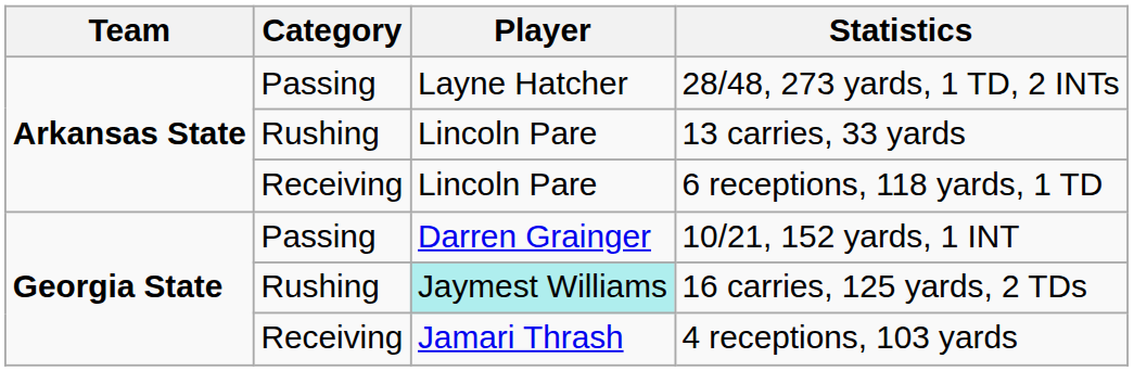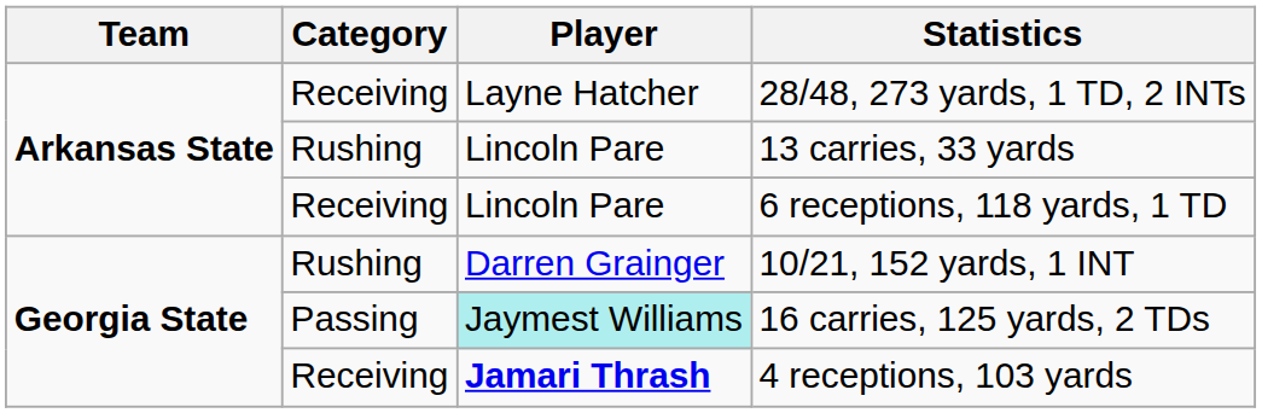 <table class="wikitable" style="float: left;">
 <tr>
 <th>Team</th>
 <th>Category</th>
 <th>Player</th>
 <th>Statistics</th>
 </tr>
 <tr>
 <td rowspan=3><strong>Arkansas State</strong></td>
-<td>Passing</td>
+<td>Receiving</td>
 <td>Layne Hatcher</td>
 <td>28/48, 273 yards, 1 TD, 2 INTs</td>
 </tr>
 <tr>
 <td>Rushing</td>
 <td>Lincoln Pare</td>
 <td>13 carries, 33 yards</td>
 </tr>
 <tr>
 <td>Receiving</td>
 <td>Lincoln Pare</td>
 <td>6 receptions, 118 yards, 1 TD</td>
 </tr>
 <tr>
 <td rowspan=3><strong>Georgia State</strong></td>
-<td>Passing</td>
+<td>Rushing</td>
 <td><a href='#'>Darren Grainger</a></td>
 <td>10/21, 152 yards, 1 INT</td>
 </tr>
 <tr>
-<td>Rushing</td>
+<td>Passing</td>
 <td style="background: paleturquoise;">Jaymest Williams</td>
 <td>16 carries, 125 yards, 2 TDs</td>
 </tr>
 <tr>
 <td>Receiving</td>
-<td><a href='#'>Jamari Thrash</a></td>
+<td><strong><a href='#'>Jamari Thrash</a></strong></td>
 <td>4 receptions, 103 yards</td>
 </tr>
 </table>
